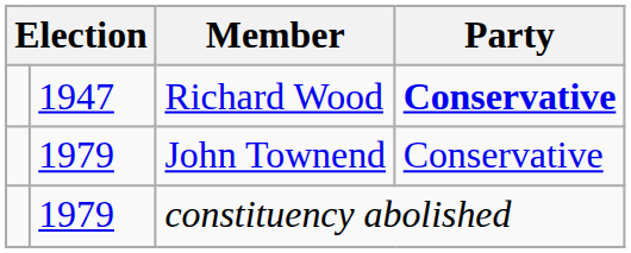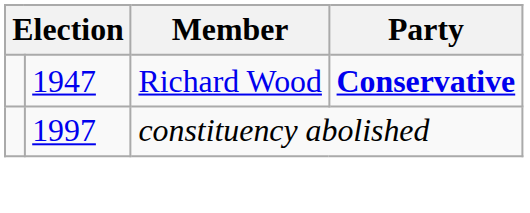 <table class="wikitable">
 <tr>
 <th colspan="2">Election</th>
 <th>Member</th>
 <th>Party</th>
 </tr>
 <tr>
 <td style="color:inherit;background-color: "></td>
 <td><a href='#'>1947</a></td>
 <td><a href='#'>Richard Wood</a></td>
 <td><strong><a href='#'>Conservative</a></strong></td>
 </tr>
 <tr>
-<td style="color:inherit;background-color: "></td>
-<td><a href='#'>1979</a></td>
-<td><a href='#'>John Townend</a></td>
-<td><a href='#'>Conservative</a></td>
-</tr>
-<tr>
 <td></td>
-<td><a href='#'>1979</a></td>
+<td><a href='#'>1997</a></td>
 <td colspan="2"><em>constituency abolished</em></td>
 </tr>
 </table>
